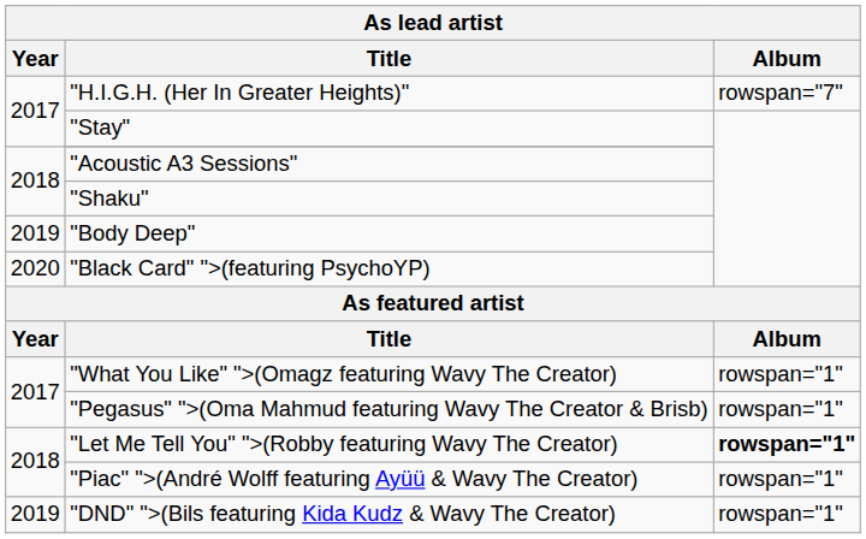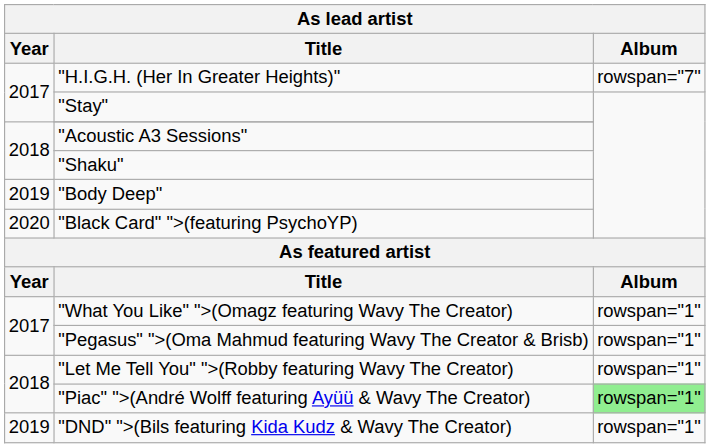 <table class="wikitable sortable">
 <tr>
 <th colspan="3">As lead artist</th>
 </tr>
 <tr>
 <th>Year</th>
 <th>Title</th>
 <th>Album</th>
 </tr>
 <tr>
 <td rowspan="2">2017</td>
 <td>"H.I.G.H. (Her In Greater Heights)"</td>
 <td>rowspan="7"</td>
 </tr>
 <tr>
 <td>"Stay"</td>
 </tr>
 <tr>
 <td rowspan="3">2018</td>
 </tr>
 <tr>
 <td>"Acoustic A3 Sessions"</td>
 </tr>
 <tr>
 <td>"Shaku"</td>
 </tr>
 <tr>
 <td>2019</td>
 <td>"Body Deep"</td>
 </tr>
 <tr>
 <td rowspan="1">2020</td>
 <td>"Black Card" <span>">(featuring PsychoYP)</span></td>
 </tr>
 <tr>
 <th colspan="3">As featured artist</th>
 </tr>
 <tr>
 <th>Year</th>
 <th>Title</th>
 <th>Album</th>
 </tr>
 <tr>
 <td rowspan="2">2017</td>
 <td>"What You Like" <span>">(Omagz featuring Wavy The Creator)</span></td>
 <td>rowspan="1"</td>
 </tr>
 <tr>
 <td>"Pegasus" <span>">(Oma Mahmud featuring Wavy The Creator & Brisb)</span></td>
 <td>rowspan="1"</td>
 </tr>
 <tr>
 <td rowspan="2">2018</td>
 <td>"Let Me Tell You" <span>">(Robby featuring Wavy The Creator)</span></td>
-<td><strong>rowspan="1"</strong></td>
+<td>rowspan="1"</td>
 </tr>
 <tr>
 <td>"Piac" <span>">(André Wolff featuring <a href='#'>Ayüü</a> & Wavy The Creator)</span></td>
-<td>rowspan="1"</td>
+<td style="background: lightgreen;">rowspan="1"</td>
 </tr>
 <tr>
 <td rowspan="1">2019</td>
 <td>"DND" <span>">(Bils featuring <a href='#'>Kida Kudz</a> & Wavy The Creator)</span></td>
 <td>rowspan="1"</td>
 </tr>
 </table>
